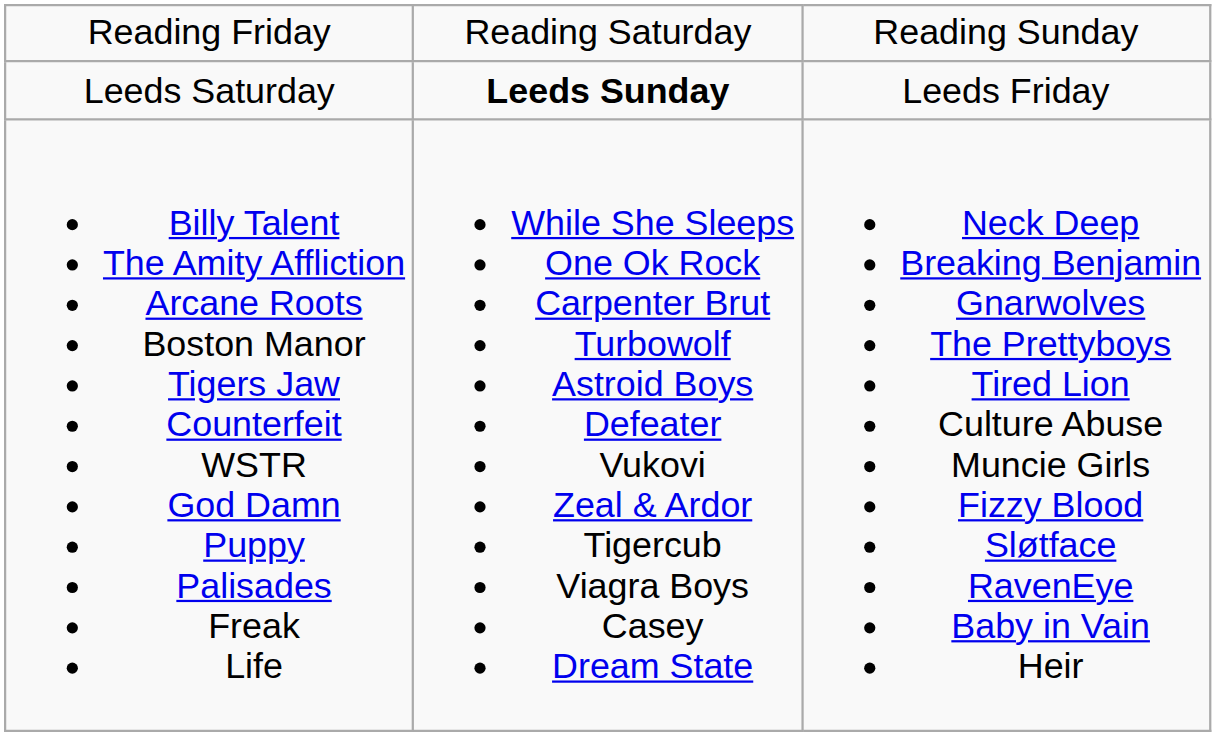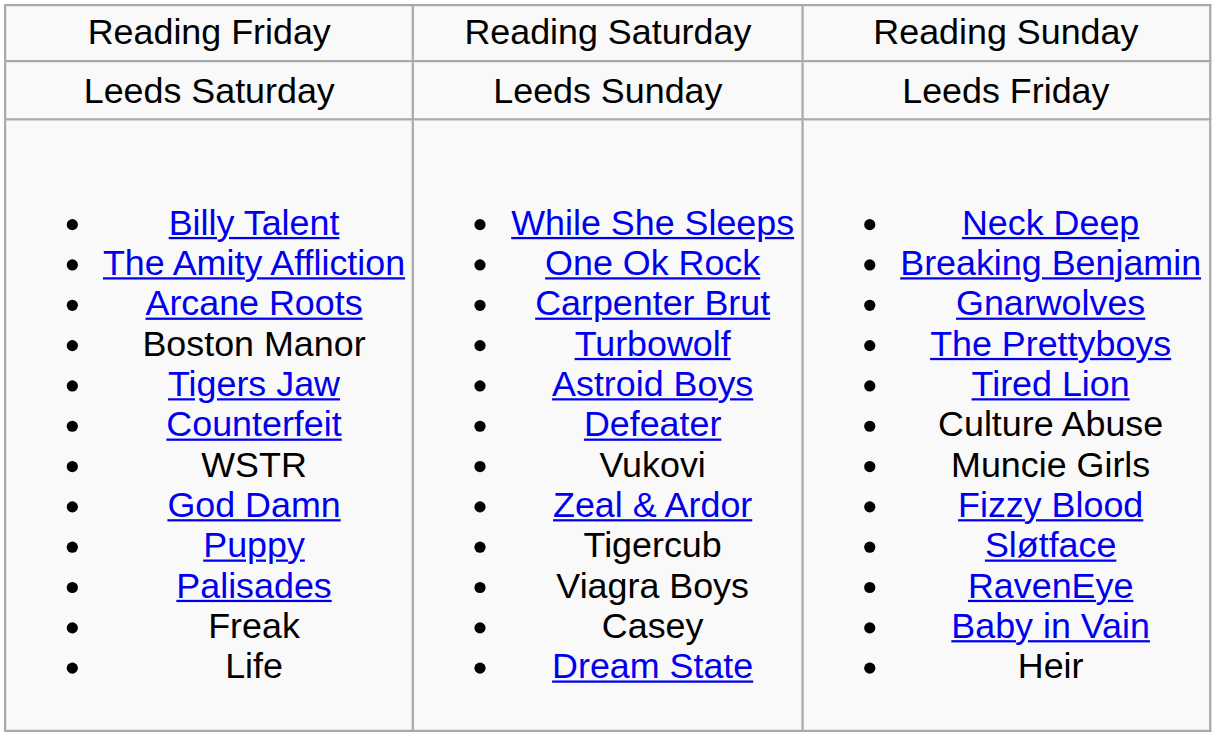 <table class="wikitable" style="text-align:center;">
 <tr>
 <td>Reading Friday</td>
 <td>Reading Saturday</td>
 <td>Reading Sunday</td>
 </tr>
 <tr>
 <td>Leeds Saturday</td>
-<td><strong>Leeds Sunday</strong></td>
+<td>Leeds Sunday</td>
 <td>Leeds Friday</td>
 </tr>
 <tr>
 <td><br><ul><li><a href='#'>Billy Talent</a></li><li><a href='#'>The Amity Affliction</a></li><li><a href='#'>Arcane Roots</a></li><li>Boston Manor</li><li><a href='#'>Tigers Jaw</a></li><li><a href='#'>Counterfeit</a></li><li>WSTR</li><li><a href='#'>God Damn</a></li><li><a href='#'>Puppy</a></li><li><a href='#'>Palisades</a></li><li>Freak</li><li>Life</li></ul></td>
 <td><br><ul><li><a href='#'>While She Sleeps</a></li><li><a href='#'>One Ok Rock</a></li><li><a href='#'>Carpenter Brut</a></li><li><a href='#'>Turbowolf</a></li><li><a href='#'>Astroid Boys</a></li><li><a href='#'>Defeater</a></li><li>Vukovi</li><li><a href='#'>Zeal & Ardor</a></li><li>Tigercub</li><li>Viagra Boys</li><li>Casey</li><li><a href='#'>Dream State</a></li></ul></td>
 <td><br><ul><li><a href='#'>Neck Deep</a></li><li><a href='#'>Breaking Benjamin</a></li><li><a href='#'>Gnarwolves</a></li><li><a href='#'>The Prettyboys</a></li><li><a href='#'>Tired Lion</a></li><li>Culture Abuse</li><li>Muncie Girls</li><li><a href='#'>Fizzy Blood</a></li><li><a href='#'>Sløtface</a></li><li><a href='#'>RavenEye</a></li><li><a href='#'>Baby in Vain</a></li><li>Heir</li></ul></td>
 </tr>
 </table>
